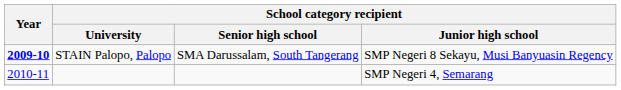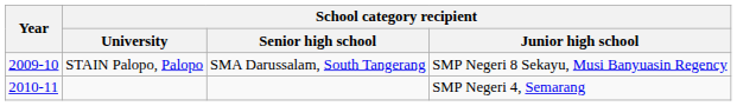 <table class="wikitable">
 <tr>
 <th rowspan=2>Year</th>
 <th colspan=3>School category recipient</th>
 </tr>
 <tr>
 <th>University</th>
 <th>Senior high school</th>
 <th>Junior high school</th>
 </tr>
 <tr>
-<td><strong><a href='#'>2009-10</a></strong></td>
+<td><a href='#'>2009-10</a></td>
 <td>STAIN Palopo, <a href='#'>Palopo</a></td>
 <td>SMA Darussalam, <a href='#'>South Tangerang</a></td>
 <td>SMP Negeri 8 Sekayu, <a href='#'>Musi Banyuasin Regency</a></td>
 </tr>
 <tr>
 <td><a href='#'>2010-11</a></td>
 <td></td>
 <td></td>
 <td>SMP Negeri 4, <a href='#'>Semarang</a></td>
 </tr>
 </table>
